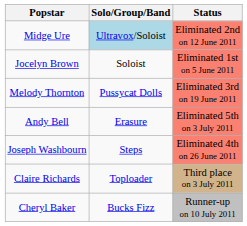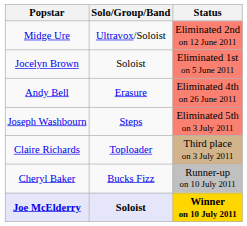 <table class="wikitable" style="margin: auto; text-align: center;">
 <tr>
 <th>Popstar</th>
 <th>Solo/Group/Band</th>
 <th>Status</th>
 </tr>
 <tr>
 <td><a href='#'>Midge Ure</a></td>
-<td style="background: lightblue;"><a href='#'>Ultravox</a>/Soloist</td>
+<td><a href='#'>Ultravox</a>/Soloist</td>
 <td style="background:salmon">Eliminated 2nd<br><small>on 12 June 2011</small></td>
 </tr>
 <tr>
 <td><a href='#'>Jocelyn Brown</a></td>
 <td>Soloist</td>
 <td style="background:salmon">Eliminated 1st<br><small>on 5 June 2011</small></td>
 </tr>
 <tr>
-<td><a href='#'>Melody Thornton</a></td>
-<td><a href='#'>Pussycat Dolls</a></td>
-<td style="background:salmon">Eliminated 3rd<br><small>on 19 June 2011</small></td>
-</tr>
-<tr>
 <td><a href='#'>Andy Bell</a></td>
 <td><a href='#'>Erasure</a></td>
-<td style="background:salmon">Eliminated 5th<br><small>on 3 July 2011</small></td>
+<td style="background:salmon">Eliminated 4th<br><small>on 26 June 2011</small></td>
 </tr>
 <tr>
 <td><a href='#'>Joseph Washbourn</a></td>
 <td><a href='#'>Steps</a></td>
-<td style="background:salmon">Eliminated 4th<br><small>on 26 June 2011</small></td>
+<td style="background:salmon">Eliminated 5th<br><small>on 3 July 2011</small></td>
 </tr>
 <tr>
 <td><a href='#'>Claire Richards</a></td>
 <td><a href='#'>Toploader</a></td>
 <td style="background:tan">Third place<br><small>on 3 July 2011</small></td>
 </tr>
 <tr>
 <td><a href='#'>Cheryl Baker</a></td>
 <td><a href='#'>Bucks Fizz</a></td>
 <td style="background:silver">Runner-up<br><small>on 10 July 2011</small></td>
 </tr>
+<tr>
+<td style="background:lavender"><strong><a href='#'>Joe McElderry</a></strong></td>
+<td style="background:lavender"><strong>Soloist</strong></td>
+<td style="background:gold"><strong>Winner</strong><br><small><strong>on 10 July 2011</strong></small></td>
+</tr>
 </table>
